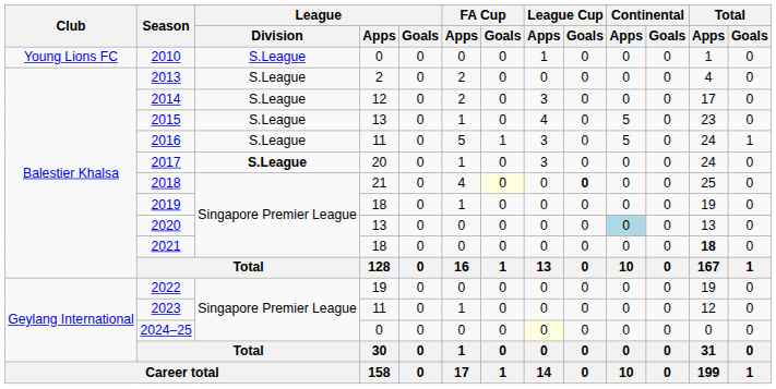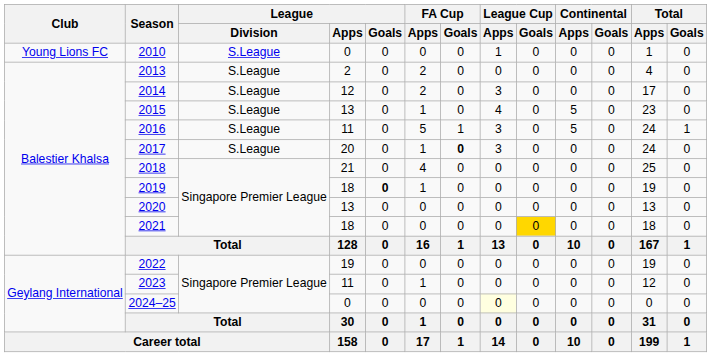 <table class="wikitable" style="text-align: center">
 <tr>
 <th rowspan="2">Club</th>
 <th rowspan="2">Season</th>
 <th colspan="3">League</th>
 <th colspan="2">FA Cup</th>
 <th colspan="2">League Cup</th>
 <th colspan="2">Continental</th>
 <th colspan="2">Total</th>
 </tr>
 <tr>
 <th>Division</th>
 <th>Apps</th>
 <th>Goals</th>
 <th>Apps</th>
 <th>Goals</th>
 <th>Apps</th>
 <th>Goals</th>
 <th>Apps</th>
 <th>Goals</th>
 <th>Apps</th>
 <th>Goals</th>
 </tr>
 <tr>
 <td><a href='#'>Young Lions FC</a></td>
 <td><a href='#'>2010</a></td>
 <td><a href='#'>S.League</a></td>
 <td>0</td>
 <td>0</td>
 <td>0</td>
 <td>0</td>
 <td>1</td>
 <td>0</td>
 <td>0</td>
 <td>0</td>
 <td>1</td>
 <td>0</td>
 </tr>
 <tr>
 <td rowspan="10"><a href='#'>Balestier Khalsa</a></td>
 <td><a href='#'>2013</a></td>
 <td>S.League</td>
 <td>2</td>
 <td>0</td>
 <td>2</td>
 <td>0</td>
 <td>0</td>
 <td>0</td>
 <td>0</td>
 <td>0</td>
 <td>4</td>
 <td>0</td>
 </tr>
 <tr>
 <td><a href='#'>2014</a></td>
 <td>S.League</td>
 <td>12</td>
 <td>0</td>
 <td>2</td>
 <td>0</td>
 <td>3</td>
 <td>0</td>
 <td>0</td>
 <td>0</td>
 <td>17</td>
 <td>0</td>
 </tr>
 <tr>
 <td><a href='#'>2015</a></td>
 <td>S.League</td>
 <td>13</td>
 <td>0</td>
 <td>1</td>
 <td>0</td>
 <td>4</td>
 <td>0</td>
 <td>5</td>
 <td>0</td>
 <td>23</td>
 <td>0</td>
 </tr>
 <tr>
 <td><a href='#'>2016</a></td>
 <td>S.League</td>
 <td>11</td>
 <td>0</td>
 <td>5</td>
 <td>1</td>
 <td>3</td>
 <td>0</td>
 <td>5</td>
 <td>0</td>
 <td>24</td>
 <td>1</td>
 </tr>
 <tr>
 <td><a href='#'>2017</a></td>
-<td><strong>S.League</strong></td>
+<td>S.League</td>
 <td>20</td>
 <td>0</td>
 <td>1</td>
-<td>0</td>
+<td><strong>0</strong></td>
 <td>3</td>
 <td>0</td>
 <td>0</td>
 <td>0</td>
 <td>24</td>
 <td>0</td>
 </tr>
 <tr>
 <td><a href='#'>2018</a></td>
 <td rowspan="4">Singapore Premier League</td>
 <td>21</td>
 <td>0</td>
 <td>4</td>
-<td style="background: lightyellow;">0</td>
 <td>0</td>
-<td><strong>0</strong></td>
+<td>0</td>
+<td>0</td>
 <td>0</td>
 <td>0</td>
 <td>25</td>
 <td>0</td>
 </tr>
 <tr>
 <td><a href='#'>2019</a></td>
 <td>18</td>
-<td>0</td>
+<td><strong>0</strong></td>
 <td>1</td>
 <td>0</td>
 <td>0</td>
 <td>0</td>
 <td>0</td>
 <td>0</td>
 <td>19</td>
 <td>0</td>
 </tr>
 <tr>
 <td><a href='#'>2020</a></td>
 <td>13</td>
 <td>0</td>
 <td>0</td>
 <td>0</td>
 <td>0</td>
 <td>0</td>
-<td style="background: lightblue;">0</td>
+<td>0</td>
 <td>0</td>
 <td>13</td>
 <td>0</td>
 </tr>
 <tr>
 <td><a href='#'>2021</a></td>
 <td>18</td>
 <td>0</td>
 <td>0</td>
 <td>0</td>
 <td>0</td>
+<td style="background: gold;">0</td>
 <td>0</td>
 <td>0</td>
-<td>0</td>
-<td><strong>18</strong></td>
+<td>18</td>
 <td>0</td>
 </tr>
 <tr>
 <th colspan=2>Total</th>
 <th>128</th>
 <th>0</th>
 <th>16</th>
 <th>1</th>
 <th>13</th>
 <th>0</th>
 <th>10</th>
 <th>0</th>
 <th>167</th>
 <th>1</th>
 </tr>
 <tr>
 <td rowspan="4"><a href='#'>Geylang International</a></td>
 <td><a href='#'>2022</a></td>
 <td rowspan="3">Singapore Premier League</td>
 <td>19</td>
 <td>0</td>
 <td>0</td>
 <td>0</td>
 <td>0</td>
 <td>0</td>
 <td>0</td>
 <td>0</td>
 <td>19</td>
 <td>0</td>
 </tr>
 <tr>
 <td><a href='#'>2023</a></td>
 <td>11</td>
 <td>0</td>
 <td>1</td>
 <td>0</td>
 <td>0</td>
 <td>0</td>
 <td>0</td>
 <td>0</td>
 <td>12</td>
 <td>0</td>
 </tr>
 <tr>
 <td><a href='#'>2024–25</a></td>
 <td>0</td>
 <td>0</td>
 <td>0</td>
 <td>0</td>
 <td style="background: lightyellow;">0</td>
 <td>0</td>
 <td>0</td>
 <td>0</td>
 <td>0</td>
 <td>0</td>
 </tr>
 <tr>
 <th colspan=2>Total</th>
 <th>30</th>
 <th>0</th>
 <th>1</th>
 <th>0</th>
 <th>0</th>
 <th>0</th>
 <th>0</th>
 <th>0</th>
 <th>31</th>
 <th>0</th>
 </tr>
 <tr>
 <th colspan=3>Career total</th>
 <th>158</th>
 <th>0</th>
 <th>17</th>
 <th>1</th>
 <th>14</th>
 <th>0</th>
 <th>10</th>
 <th>0</th>
 <th>199</th>
 <th>1</th>
 </tr>
 </table>
